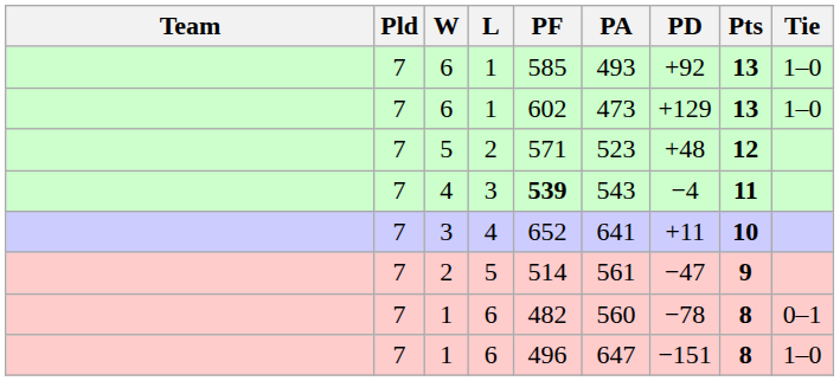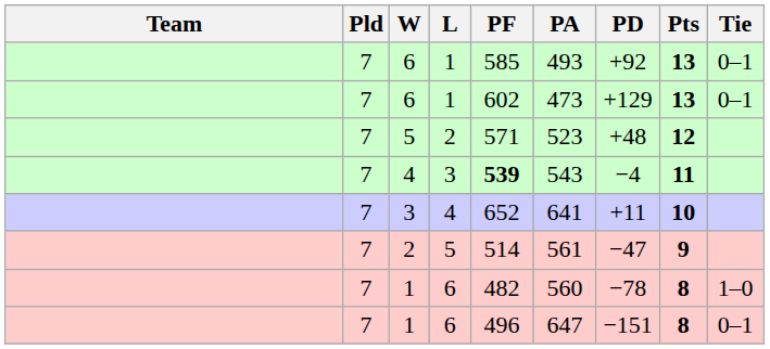 <table class=wikitable style="text-align:center">
 <tr>
 <th width=220>Team</th>
 <th width=20>Pld</th>
 <th width=20>W</th>
 <th width=20>L</th>
 <th width=35>PF</th>
 <th width=35>PA</th>
 <th width=35>PD</th>
 <th width=25>Pts</th>
 <th width=30>Tie</th>
 </tr>
 <tr bgcolor=#ccffcc>
 <td align=left></td>
 <td>7</td>
 <td>6</td>
 <td>1</td>
 <td>585</td>
 <td>493</td>
 <td>+92</td>
 <td><strong>13</strong></td>
-<td>1–0</td>
+<td>0–1</td>
 </tr>
 <tr bgcolor=#ccffcc>
 <td align=left></td>
 <td>7</td>
 <td>6</td>
 <td>1</td>
 <td>602</td>
 <td>473</td>
 <td>+129</td>
 <td><strong>13</strong></td>
-<td>1–0</td>
+<td>0–1</td>
 </tr>
 <tr bgcolor=#ccffcc>
 <td align=left></td>
 <td>7</td>
 <td>5</td>
 <td>2</td>
 <td>571</td>
 <td>523</td>
 <td>+48</td>
 <td><strong>12</strong></td>
 <td></td>
 </tr>
 <tr bgcolor=#ccffcc>
 <td align=left></td>
 <td>7</td>
 <td>4</td>
 <td>3</td>
 <td><strong>539</strong></td>
 <td>543</td>
 <td>−4</td>
 <td><strong>11</strong></td>
 <td></td>
 </tr>
 <tr bgcolor=ccccff>
 <td align=left></td>
 <td>7</td>
 <td>3</td>
 <td>4</td>
 <td>652</td>
 <td>641</td>
 <td>+11</td>
 <td><strong>10</strong></td>
 <td></td>
 </tr>
 <tr bgcolor=#ffcccc>
 <td align=left></td>
 <td>7</td>
 <td>2</td>
 <td>5</td>
 <td>514</td>
 <td>561</td>
 <td>−47</td>
 <td><strong>9</strong></td>
 <td></td>
 </tr>
 <tr bgcolor=#ffcccc>
 <td align=left></td>
 <td>7</td>
 <td>1</td>
 <td>6</td>
 <td>482</td>
 <td>560</td>
 <td>−78</td>
 <td><strong>8</strong></td>
-<td>0–1</td>
+<td>1–0</td>
 </tr>
 <tr bgcolor=#ffcccc>
 <td align=left></td>
 <td>7</td>
 <td>1</td>
 <td>6</td>
 <td>496</td>
 <td>647</td>
 <td>−151</td>
 <td><strong>8</strong></td>
-<td>1–0</td>
+<td>0–1</td>
 </tr>
 </table>
